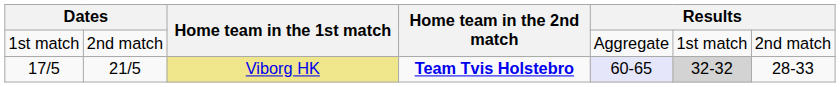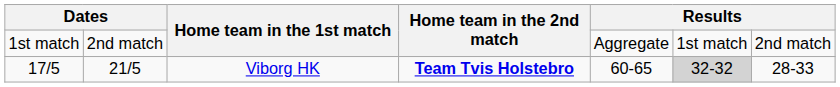 <table class="wikitable" style="text-align:center; margin-left:1em;">
 <tr>
 <th colspan="2">Dates</th>
 <th rowspan="2" style="width:220px;">Home team in the 1st match</th>
 <th rowspan="2" style="width:180px;">Home team in the 2nd match</th>
 <th colspan="3">Results</th>
 </tr>
 <tr>
 <td>1st match</td>
 <td>2nd match</td>
 <td>Aggregate</td>
 <td>1st match</td>
 <td>2nd match</td>
 </tr>
 <tr>
 <td>17/5</td>
 <td>21/5</td>
-<td style="background: khaki;"><a href='#'>Viborg HK</a></td>
+<td><a href='#'>Viborg HK</a></td>
 <td><strong><a href='#'>Team Tvis Holstebro</a></strong></td>
-<td style="background: lavender;">60-65</td>
+<td>60-65</td>
 <td style="background: lightgrey;">32-32</td>
 <td>28-33</td>
 </tr>
 </table>
